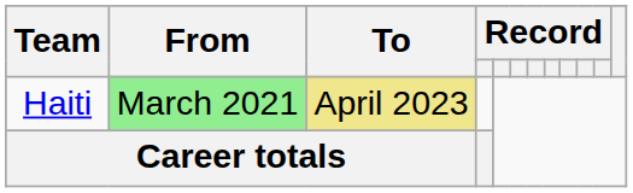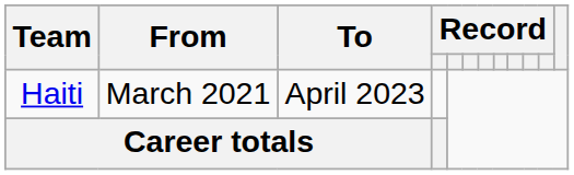 <table class="wikitable" style="text-align: center">
 <tr>
 <th rowspan="2">Team</th>
 <th rowspan="2">From</th>
 <th rowspan="2">To</th>
 <th colspan="8">Record</th>
 <th rowspan="2"></th>
 </tr>
 <tr>
 <th></th>
 <th></th>
 <th></th>
 <th></th>
 <th></th>
 <th></th>
 <th></th>
 <th></th>
 </tr>
 <tr>
 <td><a href='#'>Haiti</a></td>
-<td style="background: lightgreen;">March 2021</td>
-<td style="background: khaki;">April 2023<br></td>
+<td>March 2021</td>
+<td>April 2023<br></td>
 <td></td>
 </tr>
 <tr>
 <th colspan=3>Career totals<br></th>
 <th></th>
 </tr>
 </table>
